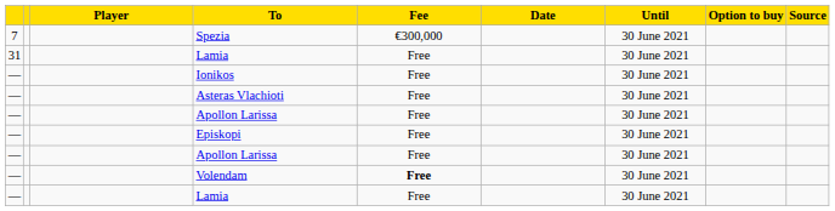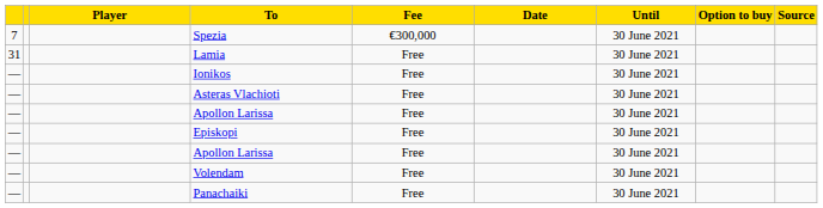 <table class="wikitable sortable">
 <tr>
 <th style="background:#FFDE00"></th>
 <th style="background:#FFDE00"></th>
 <th width=200 style="background:#FFDE00">Player</th>
 <th width=200 style="background:#FFDE00">To</th>
 <th width=150 style="background:#FFDE00">Fee</th>
 <th width=150 style="background:#FFDE00">Date</th>
 <th width=120 style="background:#FFDE00">Until</th>
 <th style="background:#FFDE00">Option to buy</th>
 <th style="background:#FFDE00">Source</th>
 </tr>
 <tr>
 <td align=center>7</td>
 <td align=center></td>
 <td></td>
 <td> <a href='#'>Spezia</a></td>
 <td align=center>€300,000</td>
 <td align=center></td>
 <td align=center>30 June 2021</td>
 <td align=center></td>
 <td align=center></td>
 </tr>
 <tr>
 <td align=center>31</td>
 <td align=center></td>
 <td></td>
 <td> <a href='#'>Lamia</a></td>
 <td align=center>Free</td>
 <td align=center></td>
 <td align=center>30 June 2021</td>
 <td align=center></td>
 <td align=center></td>
 </tr>
 <tr>
 <td align=center>—</td>
 <td align=center></td>
 <td></td>
 <td> <a href='#'>Ionikos</a></td>
 <td align=center>Free</td>
 <td align=center></td>
 <td align=center>30 June 2021</td>
 <td align=center></td>
 <td align=center></td>
 </tr>
 <tr>
 <td align=center>—</td>
 <td align=center></td>
 <td></td>
 <td> <a href='#'>Asteras Vlachioti</a></td>
 <td align=center>Free</td>
 <td align=center></td>
 <td align=center>30 June 2021</td>
 <td align=center></td>
 <td align=center></td>
 </tr>
 <tr>
 <td align=center>—</td>
 <td align=center></td>
 <td></td>
 <td> <a href='#'>Apollon Larissa</a></td>
 <td align=center>Free</td>
 <td align=center></td>
 <td align=center>30 June 2021</td>
 <td align=center></td>
 <td align=center></td>
 </tr>
 <tr>
 <td align=center>—</td>
 <td align=center></td>
 <td></td>
 <td> <a href='#'>Episkopi</a></td>
 <td align=center>Free</td>
 <td align=center></td>
 <td align=center>30 June 2021</td>
 <td align=center></td>
 <td align=center></td>
 </tr>
 <tr>
 <td align=center>—</td>
 <td align=center></td>
 <td></td>
 <td> <a href='#'>Apollon Larissa</a></td>
 <td align=center>Free</td>
 <td align=center></td>
 <td align=center>30 June 2021</td>
 <td align=center></td>
 <td align=center></td>
 </tr>
 <tr>
 <td align=center>—</td>
 <td align=center></td>
 <td></td>
 <td> <a href='#'>Volendam</a></td>
-<td align=center><strong>Free</strong></td>
+<td align=center>Free</td>
 <td align=center></td>
 <td align=center>30 June 2021</td>
 <td align=center></td>
 <td align=center></td>
 </tr>
 <tr>
 <td align=center>—</td>
 <td align=center></td>
 <td></td>
-<td> <a href='#'>Lamia</a></td>
+<td> <a href='#'>Panachaiki</a></td>
 <td align=center>Free</td>
 <td align=center></td>
 <td align=center>30 June 2021</td>
 <td align=center></td>
 <td align=center></td>
 </tr>
 </table>
